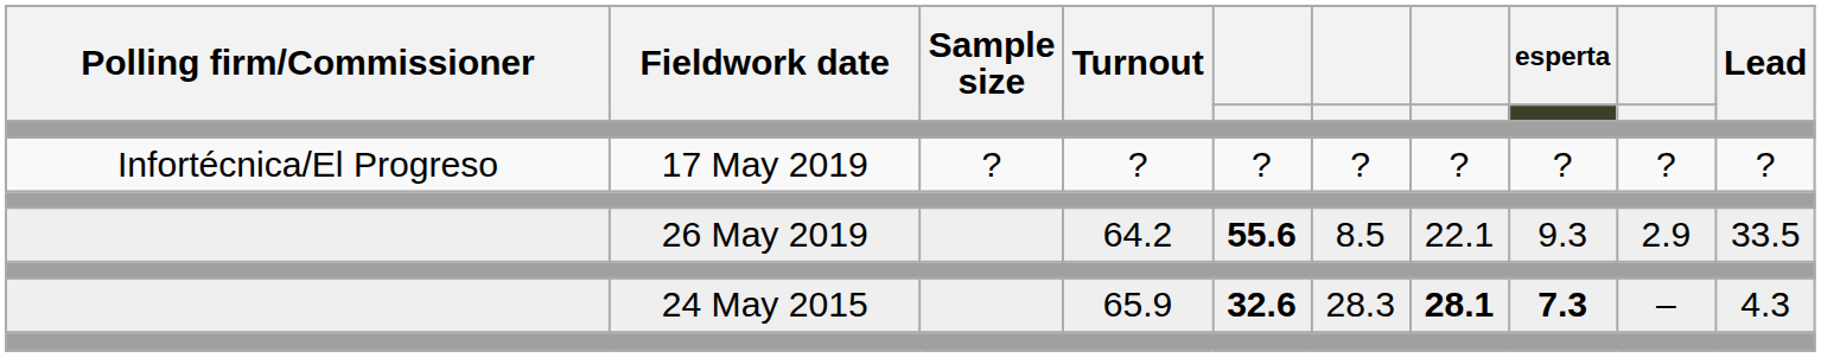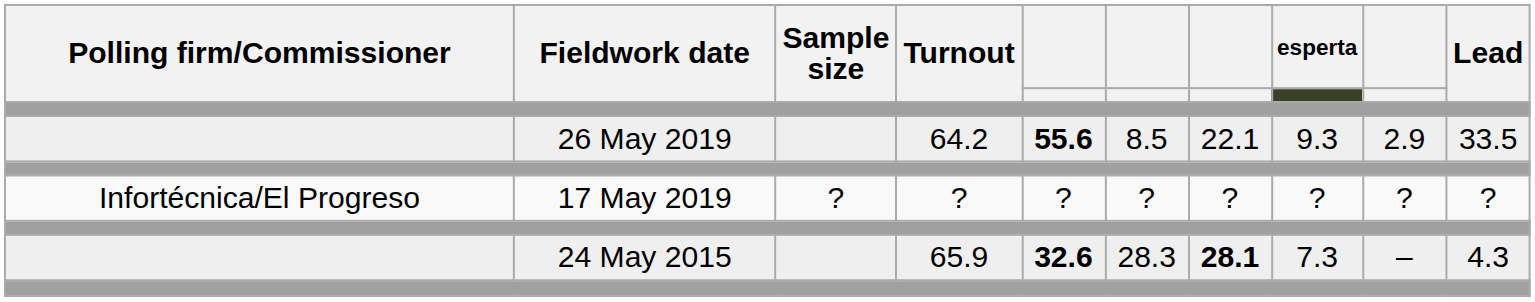 <table class="wikitable collapsible collapsed" style="text-align:center; font-size:95%; line-height:16px;">
 <tr style="height:42px;">
 <th style="width:250px;" rowspan="2">Polling firm/Commissioner</th>
 <th style="width:125px;" rowspan="2">Fieldwork date</th>
 <th style="width:50px;" rowspan="2">Sample size</th>
 <th style="width:45px;" rowspan="2">Turnout</th>
 <th style="width:35px;"></th>
 <th style="width:35px;"></th>
 <th style="width:35px;"></th>
 <th style="width:35px; font-size:75%;">esperta</th>
 <th style="width:35px;"></th>
 <th style="width:30px;" rowspan="2">Lead</th>
 </tr>
 <tr>
 <th style="color:inherit;background:"></th>
 <th style="color:inherit;background:"></th>
 <th style="color:inherit;background:"></th>
 <th style="color:inherit;background:#394229;"></th>
 <th style="color:inherit;background:"></th>
 </tr>
 <tr>
 <td colspan="10" style="background:#A0A0A0"></td>
 </tr>
+<tr style="background:#EFEFEF;">
+<td><strong></strong></td>
+<td>26 May 2019</td>
+<td></td>
+<td>64.2</td>
+<td><strong>55.6</strong><br></td>
+<td>8.5<br></td>
+<td>22.1<br></td>
+<td>9.3<br></td>
+<td>2.9<br></td>
+<td style="background:">33.5</td>
+</tr>
+<tr>
+<td colspan="10" style="background:#A0A0A0"></td>
+</tr>
 <tr>
 <td>Infortécnica/El Progreso</td>
 <td>17 May 2019</td>
 <td>?</td>
 <td>?</td>
 <td>?<br></td>
 <td>?<br></td>
 <td>?<br></td>
 <td>?<br></td>
 <td>?<br></td>
 <td style="background:">?</td>
 </tr>
 <tr>
 <td colspan="10" style="background:#A0A0A0"></td>
 </tr>
 <tr style="background:#EFEFEF;">
 <td><strong></strong></td>
-<td>26 May 2019</td>
-<td></td>
-<td>64.2</td>
-<td><strong>55.6</strong><br></td>
-<td>8.5<br></td>
-<td>22.1<br></td>
-<td>9.3<br></td>
-<td>2.9<br></td>
-<td style="background:">33.5</td>
-</tr>
-<tr>
-<td colspan="10" style="background:#A0A0A0"></td>
-</tr>
-<tr style="background:#EFEFEF;">
-<td><strong></strong></td>
 <td>24 May 2015</td>
 <td></td>
 <td>65.9</td>
 <td><strong>32.6</strong><br></td>
 <td>28.3<br></td>
 <td><strong>28.1<br></strong></td>
-<td><strong>7.3<br></strong></td>
+<td>7.3<br></td>
 <td>–</td>
 <td style="background:">4.3</td>
 </tr>
 <tr>
 <td colspan="10" style="background:#A0A0A0"></td>
 </tr>
 </table>
